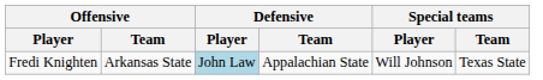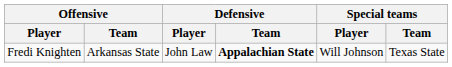 <table class="wikitable">
 <tr>
 <th colspan="2">Offensive</th>
 <th colspan="2">Defensive</th>
 <th colspan="2">Special teams</th>
 </tr>
 <tr>
 <th>Player</th>
 <th>Team</th>
 <th>Player</th>
 <th>Team</th>
 <th>Player</th>
 <th>Team</th>
 </tr>
 <tr>
 <td>Fredi Knighten</td>
 <td>Arkansas State</td>
-<td style="background: lightblue;">John Law</td>
-<td>Appalachian State</td>
+<td>John Law</td>
+<td><strong>Appalachian State</strong></td>
 <td>Will Johnson</td>
 <td>Texas State</td>
 </tr>
 </table>
